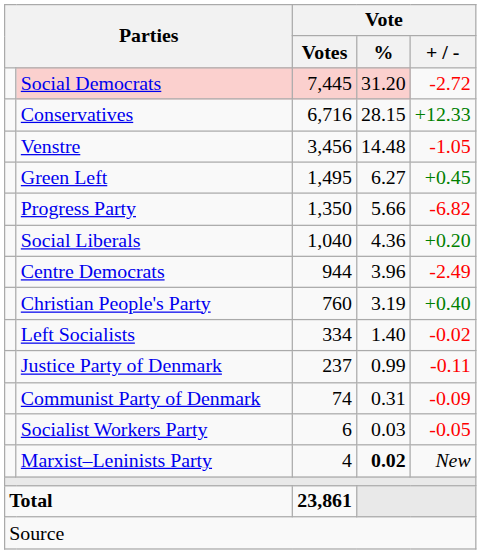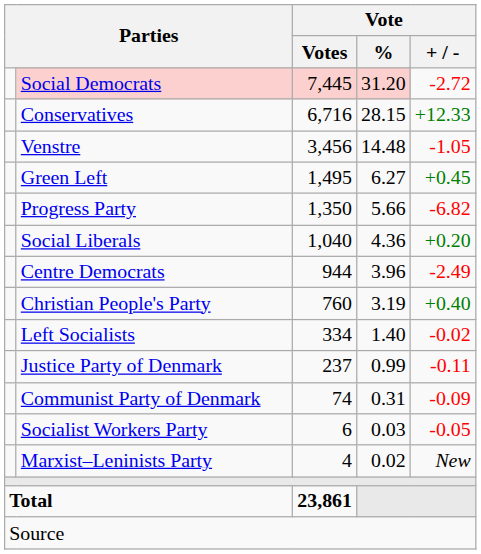 <table class="wikitable" style="text-align:right;">
 <tr>
 <th style="text-align:centre;" rowspan="2" colspan="2" width="225">Parties</th>
 <th colspan="3">Vote</th>
 </tr>
 <tr>
 <th width="15">Votes</th>
 <th width="15">%</th>
 <th width="15">+ / -</th>
 </tr>
 <tr>
 <td width="2" style="color:inherit;background:"></td>
 <td bgcolor=#fbd0ce  align="left"><a href='#'>Social Democrats</a></td>
 <td bgcolor=#fbd0ce>7,445</td>
 <td bgcolor=#fbd0ce>31.20</td>
 <td style=color:red;>-2.72</td>
 </tr>
 <tr>
 <td width="2" style="color:inherit;background:"></td>
 <td align="left"><a href='#'>Conservatives</a></td>
 <td>6,716</td>
 <td>28.15</td>
 <td style=color:green;>+12.33</td>
 </tr>
 <tr>
 <td width="2" style="color:inherit;background:"></td>
 <td align="left"><a href='#'>Venstre</a></td>
 <td>3,456</td>
 <td>14.48</td>
 <td style=color:red;>-1.05</td>
 </tr>
 <tr>
 <td width="2" style="color:inherit;background:"></td>
 <td align="left"><a href='#'>Green Left</a></td>
 <td>1,495</td>
 <td>6.27</td>
 <td style=color:green;>+0.45</td>
 </tr>
 <tr>
 <td width="2" style="color:inherit;background:"></td>
 <td align="left"><a href='#'>Progress Party</a></td>
 <td>1,350</td>
 <td>5.66</td>
 <td style=color:red;>-6.82</td>
 </tr>
 <tr>
 <td width="2" style="color:inherit;background:"></td>
 <td align="left"><a href='#'>Social Liberals</a></td>
 <td>1,040</td>
 <td>4.36</td>
 <td style=color:green;>+0.20</td>
 </tr>
 <tr>
 <td width="2" style="color:inherit;background:"></td>
 <td align="left"><a href='#'>Centre Democrats</a></td>
 <td>944</td>
 <td>3.96</td>
 <td style=color:red;>-2.49</td>
 </tr>
 <tr>
 <td width="2" style="color:inherit;background:"></td>
 <td align="left"><a href='#'>Christian People's Party</a></td>
 <td>760</td>
 <td>3.19</td>
 <td style=color:green;>+0.40</td>
 </tr>
 <tr>
 <td width="2" style="color:inherit;background:"></td>
 <td align="left"><a href='#'>Left Socialists</a></td>
 <td>334</td>
 <td>1.40</td>
 <td style=color:red;>-0.02</td>
 </tr>
 <tr>
 <td width="2" style="color:inherit;background:"></td>
 <td align="left"><a href='#'>Justice Party of Denmark</a></td>
 <td>237</td>
 <td>0.99</td>
 <td style=color:red;>-0.11</td>
 </tr>
 <tr>
 <td width="2" style="color:inherit;background:"></td>
 <td align="left"><a href='#'>Communist Party of Denmark</a></td>
 <td>74</td>
 <td>0.31</td>
 <td style=color:red;>-0.09</td>
 </tr>
 <tr>
 <td width="2" style="color:inherit;background:"></td>
 <td align="left"><a href='#'>Socialist Workers Party</a></td>
 <td>6</td>
 <td>0.03</td>
 <td style=color:red;>-0.05</td>
 </tr>
 <tr>
 <td width="2" style="color:inherit;background:"></td>
 <td align="left"><a href='#'>Marxist–Leninists Party</a></td>
 <td>4</td>
-<td><strong>0.02</strong></td>
+<td>0.02</td>
 <td><em>New</em></td>
 </tr>
 <tr>
 <td colspan="7" bgcolor="#E9E9E9"></td>
 </tr>
 <tr>
 <td align="left" colspan="2"><strong>Total</strong></td>
 <td><strong>23,861</strong></td>
 <td bgcolor="#E9E9E9" colspan="2"></td>
 </tr>
 <tr>
 <td align="left" colspan="6">Source</td>
 </tr>
 </table>
